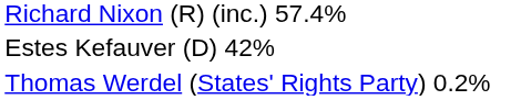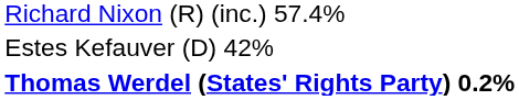 <table>
 <tr>
 <td><a href='#'>Richard Nixon</a> (R) (inc.) 57.4%</td>
 </tr>
 <tr>
 <td>Estes Kefauver (D) 42%</td>
 </tr>
 <tr>
-<td><a href='#'>Thomas Werdel</a> (<a href='#'>States' Rights Party</a>) 0.2%</td>
+<td><strong><a href='#'>Thomas Werdel</a> (<a href='#'>States' Rights Party</a>) 0.2%</strong></td>
 </tr>
 </table>
